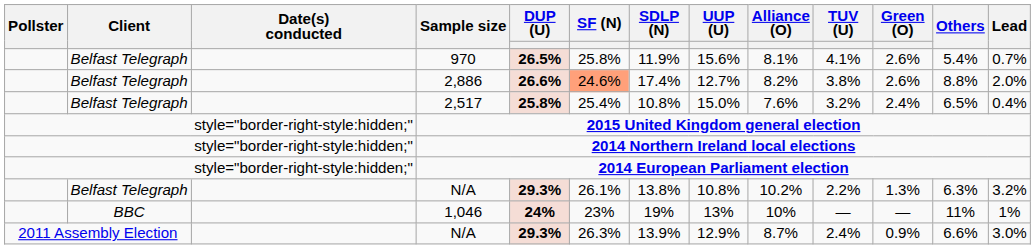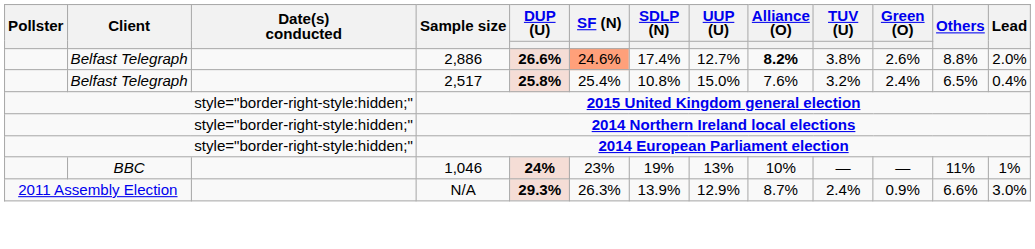 <table class="wikitable sortable mw-datatable" style="text-align:center;font-size:90%;line-height:14px;">
 <tr>
 <th rowspan="2">Pollster</th>
 <th rowspan="2">Client</th>
 <th rowspan="2">Date(s)<br>conducted</th>
 <th rowspan="2">Sample size</th>
 <th style="width:50px;" class="unsortable"><a href='#'>DUP</a> (U)</th>
 <th style="width:50px;" class="unsortable"><a href='#'>SF</a> (N)</th>
 <th style="width:50px;" class="unsortable"><a href='#'>SDLP</a> (N)</th>
 <th style="width:50px;" class="unsortable"><a href='#'>UUP</a> (U)</th>
 <th style="width:50px;" class="unsortable"><a href='#'>Alliance</a> (O)</th>
 <th style="width:50px;" class="unsortable"><a href='#'>TUV</a> (U)</th>
 <th style="width:50px;" class="unsortable"><a href='#'>Green</a> (O)</th>
 <th rowspan="2" class="unsortable" width:75px><a href='#'>Others</a></th>
 <th rowspan="2">Lead</th>
 </tr>
 <tr>
 <th data-sort-type="number" style="background:"></th>
 <th data-sort-type="number" style="background:"></th>
 <th data-sort-type="number" style="background:"></th>
 <th data-sort-type="number" style="background:"></th>
 <th data-sort-type="number" style="background:"></th>
 <th data-sort-type="number" style="background:"></th>
 <th data-sort-type="number" style="background:"></th>
 </tr>
 <tr>
 <td></td>
 <td><em>Belfast Telegraph</em></td>
 <td></td>
-<td>970</td>
-<td style="background:#F5DDD6;"><strong>26.5%</strong></td>
-<td>25.8%</td>
-<td>11.9%</td>
-<td>15.6%</td>
-<td>8.1%</td>
-<td>4.1%</td>
-<td>2.6%</td>
-<td>5.4%</td>
-<td style="background:">0.7%</td>
-</tr>
-<tr>
-<td></td>
-<td><em>Belfast Telegraph</em></td>
-<td></td>
 <td>2,886</td>
 <td style="background:#F5DDD6;"><strong>26.6%</strong></td>
 <td style="background: lightsalmon;">24.6%</td>
 <td>17.4%</td>
 <td>12.7%</td>
-<td>8.2%</td>
+<td><strong>8.2%</strong></td>
 <td>3.8%</td>
 <td>2.6%</td>
 <td>8.8%</td>
 <td style="background:">2.0%</td>
 </tr>
 <tr>
 <td></td>
 <td><em>Belfast Telegraph</em></td>
 <td></td>
 <td>2,517</td>
 <td style="background:#F5DDD6;"><strong>25.8%</strong></td>
 <td>25.4%</td>
 <td>10.8%</td>
 <td>15.0%</td>
 <td>7.6%</td>
 <td>3.2%</td>
 <td>2.4%</td>
 <td>6.5%</td>
 <td style="background:">0.4%</td>
 </tr>
 <tr>
 <td style="border-right-style:hidden;"></td>
 <td style="border-right-style:hidden;"></td>
 <td>style="border-right-style:hidden;" </td>
 <td colspan="10"><strong><a href='#'>2015 United Kingdom general election</a></strong></td>
 </tr>
 <tr>
 <td style="border-right-style:hidden;"></td>
 <td style="border-right-style:hidden;"></td>
 <td>style="border-right-style:hidden;" </td>
 <td colspan="10"><strong><a href='#'>2014 Northern Ireland local elections</a></strong></td>
 </tr>
 <tr>
 <td style="border-right-style:hidden;"></td>
 <td style="border-right-style:hidden;"></td>
 <td>style="border-right-style:hidden;" </td>
 <td colspan="10"><a href='#'><strong>2014 European Parliament election</strong></a></td>
 </tr>
 <tr>
 <td></td>
-<td><em>Belfast Telegraph</em></td>
-<td></td>
-<td>N/A</td>
-<td style="background:#F5DDD6;"><strong>29.3%</strong></td>
-<td>26.1%</td>
-<td>13.8%</td>
-<td>10.8%</td>
-<td>10.2%</td>
-<td>2.2%</td>
-<td>1.3%</td>
-<td>6.3%</td>
-<td style="background:">3.2%</td>
-</tr>
-<tr>
-<td></td>
 <td><em>BBC</em></td>
 <td></td>
 <td>1,046</td>
 <td style="background:#F5DDD6;"><strong>24%</strong></td>
 <td>23%</td>
 <td>19%</td>
 <td>13%</td>
 <td>10%</td>
 <td>—</td>
 <td>—</td>
 <td>11%</td>
 <td style="background:">1%</td>
 </tr>
 <tr>
 <td colspan="2"><a href='#'>2011 Assembly Election</a></td>
 <td></td>
 <td>N/A</td>
 <td style="background:#F5DDD6;"><strong>29.3%</strong></td>
 <td>26.3%</td>
 <td>13.9%</td>
 <td>12.9%</td>
 <td>8.7%</td>
 <td>2.4%</td>
 <td>0.9%</td>
 <td>6.6%</td>
 <td style="background:">3.0%</td>
 </tr>
 </table>
